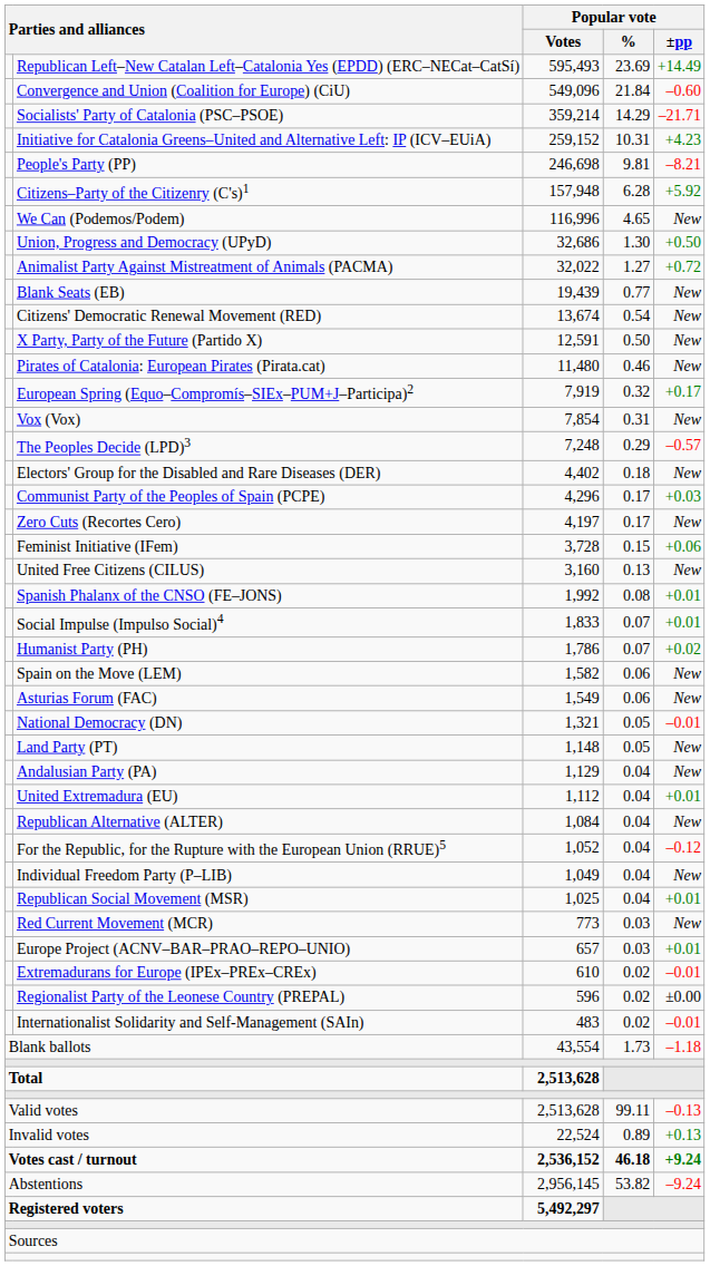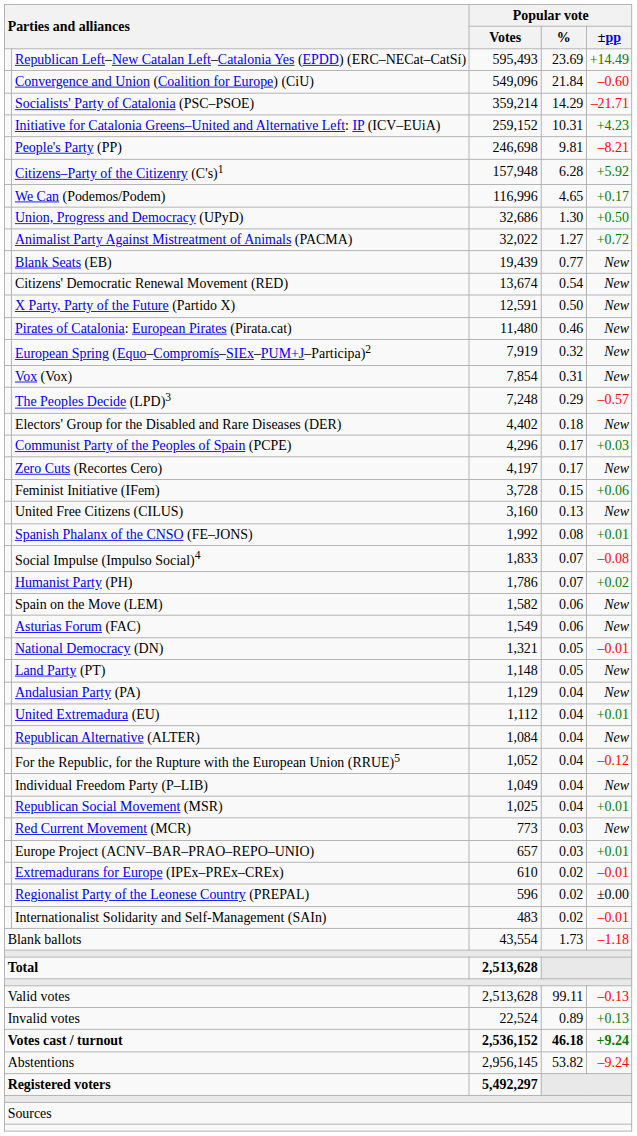 <table class="wikitable" style="text-align:right">
 <tr>
 <th style="text-align:left;" rowspan="2" colspan="2" width="525">Parties and alliances</th>
 <th colspan="3">Popular vote</th>
 </tr>
 <tr>
 <th width="75">Votes</th>
 <th width="45">%</th>
 <th width="45">±<a href='#'>pp</a></th>
 </tr>
 <tr>
 <td width="1" style="color:inherit;background:"></td>
 <td align="left"><a href='#'>Republican Left</a>–<a href='#'>New Catalan Left</a>–<a href='#'>Catalonia Yes</a> (<a href='#'>EPDD</a>) (ERC–NECat–CatSí)</td>
 <td>595,493</td>
 <td>23.69</td>
 <td style="color:green;">+14.49</td>
 </tr>
 <tr>
 <td style="color:inherit;background:"></td>
 <td align="left"><a href='#'>Convergence and Union</a> (<a href='#'>Coalition for Europe</a>) (CiU)</td>
 <td>549,096</td>
 <td>21.84</td>
 <td style="color:red;">–0.60</td>
 </tr>
 <tr>
 <td style="color:inherit;background:"></td>
 <td align="left"><a href='#'>Socialists' Party of Catalonia</a> (PSC–PSOE)</td>
 <td>359,214</td>
 <td>14.29</td>
 <td style="color:red;">–21.71</td>
 </tr>
 <tr>
 <td style="color:inherit;background:"></td>
 <td align="left"><a href='#'>Initiative for Catalonia Greens–United and Alternative Left</a>: <a href='#'>IP</a> (ICV–EUiA)</td>
 <td>259,152</td>
 <td>10.31</td>
 <td style="color:green;">+4.23</td>
 </tr>
 <tr>
 <td style="color:inherit;background:"></td>
 <td align="left"><a href='#'>People's Party</a> (PP)</td>
 <td>246,698</td>
 <td>9.81</td>
 <td style="color:red;">–8.21</td>
 </tr>
 <tr>
 <td style="color:inherit;background:"></td>
 <td align="left"><a href='#'>Citizens–Party of the Citizenry</a> (C's)<sup>1</sup></td>
 <td>157,948</td>
 <td>6.28</td>
 <td style="color:green;">+5.92</td>
 </tr>
 <tr>
 <td style="color:inherit;background:"></td>
 <td align="left"><a href='#'>We Can</a> (Podemos/Podem)</td>
 <td>116,996</td>
 <td>4.65</td>
-<td><em>New</em></td>
+<td style="color:green;">+0.17</td>
 </tr>
 <tr>
 <td style="color:inherit;background:"></td>
 <td align="left"><a href='#'>Union, Progress and Democracy</a> (UPyD)</td>
 <td>32,686</td>
 <td>1.30</td>
 <td style="color:green;">+0.50</td>
 </tr>
 <tr>
 <td style="color:inherit;background:"></td>
 <td align="left"><a href='#'>Animalist Party Against Mistreatment of Animals</a> (PACMA)</td>
 <td>32,022</td>
 <td>1.27</td>
 <td style="color:green;">+0.72</td>
 </tr>
 <tr>
 <td style="color:inherit;background:"></td>
 <td align="left"><a href='#'>Blank Seats</a> (EB)</td>
 <td>19,439</td>
 <td>0.77</td>
 <td><em>New</em></td>
 </tr>
 <tr>
 <td style="color:inherit;background:"></td>
 <td align="left">Citizens' Democratic Renewal Movement (RED)</td>
 <td>13,674</td>
 <td>0.54</td>
 <td><em>New</em></td>
 </tr>
 <tr>
 <td style="color:inherit;background:"></td>
 <td align="left"><a href='#'>X Party, Party of the Future</a> (Partido X)</td>
 <td>12,591</td>
 <td>0.50</td>
 <td><em>New</em></td>
 </tr>
 <tr>
 <td style="color:inherit;background:"></td>
 <td align="left"><a href='#'>Pirates of Catalonia</a>: <a href='#'>European Pirates</a> (Pirata.cat)</td>
 <td>11,480</td>
 <td>0.46</td>
 <td><em>New</em></td>
 </tr>
 <tr>
 <td style="color:inherit;background:"></td>
 <td align="left"><a href='#'>European Spring</a> (<a href='#'>Equo</a>–<a href='#'>Compromís</a>–<a href='#'>SIEx</a>–<a href='#'>PUM+J</a>–Participa)<sup>2</sup></td>
 <td>7,919</td>
 <td>0.32</td>
-<td style="color:green;">+0.17</td>
+<td><em>New</em></td>
 </tr>
 <tr>
 <td style="color:inherit;background:"></td>
 <td align="left"><a href='#'>Vox</a> (Vox)</td>
 <td>7,854</td>
 <td>0.31</td>
 <td><em>New</em></td>
 </tr>
 <tr>
 <td style="color:inherit;background:"></td>
 <td align="left"><a href='#'>The Peoples Decide</a> (LPD)<sup>3</sup></td>
 <td>7,248</td>
 <td>0.29</td>
 <td style="color:red;">–0.57</td>
 </tr>
 <tr>
 <td style="color:inherit;background:"></td>
 <td align="left">Electors' Group for the Disabled and Rare Diseases (DER)</td>
 <td>4,402</td>
 <td>0.18</td>
 <td><em>New</em></td>
 </tr>
 <tr>
 <td style="color:inherit;background:"></td>
 <td align="left"><a href='#'>Communist Party of the Peoples of Spain</a> (PCPE)</td>
 <td>4,296</td>
 <td>0.17</td>
 <td style="color:green;">+0.03</td>
 </tr>
 <tr>
 <td style="color:inherit;background:"></td>
 <td align="left"><a href='#'>Zero Cuts</a> (Recortes Cero)</td>
 <td>4,197</td>
 <td>0.17</td>
 <td><em>New</em></td>
 </tr>
 <tr>
 <td style="color:inherit;background:"></td>
 <td align="left">Feminist Initiative (IFem)</td>
 <td>3,728</td>
 <td>0.15</td>
 <td style="color:green;">+0.06</td>
 </tr>
 <tr>
 <td style="color:inherit;background:"></td>
 <td align="left">United Free Citizens (CILUS)</td>
 <td>3,160</td>
 <td>0.13</td>
 <td><em>New</em></td>
 </tr>
 <tr>
 <td style="color:inherit;background:"></td>
 <td align="left"><a href='#'>Spanish Phalanx of the CNSO</a> (FE–JONS)</td>
 <td>1,992</td>
 <td>0.08</td>
 <td style="color:green;">+0.01</td>
 </tr>
 <tr>
 <td style="color:inherit;background:"></td>
 <td align="left">Social Impulse (Impulso Social)<sup>4</sup></td>
 <td>1,833</td>
 <td>0.07</td>
-<td style="color:green;">+0.01</td>
+<td style="color:red;">–0.08</td>
 </tr>
 <tr>
 <td style="color:inherit;background:"></td>
 <td align="left"><a href='#'>Humanist Party</a> (PH)</td>
 <td>1,786</td>
 <td>0.07</td>
 <td style="color:green;">+0.02</td>
 </tr>
 <tr>
 <td style="color:inherit;background:"></td>
 <td align="left">Spain on the Move (LEM)</td>
 <td>1,582</td>
 <td>0.06</td>
 <td><em>New</em></td>
 </tr>
 <tr>
 <td style="color:inherit;background:"></td>
 <td align="left"><a href='#'>Asturias Forum</a> (FAC)</td>
 <td>1,549</td>
 <td>0.06</td>
 <td><em>New</em></td>
 </tr>
 <tr>
 <td style="color:inherit;background:"></td>
 <td align="left"><a href='#'>National Democracy</a> (DN)</td>
 <td>1,321</td>
 <td>0.05</td>
 <td style="color:red;">–0.01</td>
 </tr>
 <tr>
 <td style="color:inherit;background:"></td>
 <td align="left"><a href='#'>Land Party</a> (PT)</td>
 <td>1,148</td>
 <td>0.05</td>
 <td><em>New</em></td>
 </tr>
 <tr>
 <td style="color:inherit;background:"></td>
 <td align="left"><a href='#'>Andalusian Party</a> (PA)</td>
 <td>1,129</td>
 <td>0.04</td>
 <td><em>New</em></td>
 </tr>
 <tr>
 <td style="color:inherit;background:"></td>
 <td align="left"><a href='#'>United Extremadura</a> (EU)</td>
 <td>1,112</td>
 <td>0.04</td>
 <td style="color:green;">+0.01</td>
 </tr>
 <tr>
 <td style="color:inherit;background:"></td>
 <td align="left"><a href='#'>Republican Alternative</a> (ALTER)</td>
 <td>1,084</td>
 <td>0.04</td>
 <td><em>New</em></td>
 </tr>
 <tr>
 <td style="color:inherit;background:"></td>
 <td align="left">For the Republic, for the Rupture with the European Union (RRUE)<sup>5</sup></td>
 <td>1,052</td>
 <td>0.04</td>
 <td style="color:red;">–0.12</td>
 </tr>
 <tr>
 <td style="color:inherit;background:"></td>
 <td align="left">Individual Freedom Party (P–LIB)</td>
 <td>1,049</td>
 <td>0.04</td>
 <td><em>New</em></td>
 </tr>
 <tr>
 <td style="color:inherit;background:"></td>
 <td align="left"><a href='#'>Republican Social Movement</a> (MSR)</td>
 <td>1,025</td>
 <td>0.04</td>
 <td style="color:green;">+0.01</td>
 </tr>
 <tr>
 <td style="color:inherit;background:"></td>
 <td align="left"><a href='#'>Red Current Movement</a> (MCR)</td>
 <td>773</td>
 <td>0.03</td>
 <td><em>New</em></td>
 </tr>
 <tr>
 <td style="color:inherit;background:"></td>
 <td align="left">Europe Project (ACNV–BAR–PRAO–REPO–UNIO)</td>
 <td>657</td>
 <td>0.03</td>
 <td style="color:green;">+0.01</td>
 </tr>
 <tr>
 <td style="color:inherit;background:"></td>
 <td align="left"><a href='#'>Extremadurans for Europe</a> (IPEx–PREx–CREx)</td>
 <td>610</td>
 <td>0.02</td>
 <td style="color:red;">–0.01</td>
 </tr>
 <tr>
 <td style="color:inherit;background:"></td>
 <td align="left"><a href='#'>Regionalist Party of the Leonese Country</a> (PREPAL)</td>
 <td>596</td>
 <td>0.02</td>
 <td>±0.00</td>
 </tr>
 <tr>
 <td style="color:inherit;background:"></td>
 <td align="left">Internationalist Solidarity and Self-Management (SAIn)</td>
 <td>483</td>
 <td>0.02</td>
 <td style="color:red;">–0.01</td>
 </tr>
 <tr>
 <td align="left" colspan="2">Blank ballots</td>
 <td>43,554</td>
 <td>1.73</td>
 <td style="color:red;">–1.18</td>
 </tr>
 <tr>
 <td colspan="5" bgcolor="#E9E9E9"></td>
 </tr>
 <tr style="font-weight:bold;">
 <td align="left" colspan="2">Total</td>
 <td>2,513,628</td>
 <td bgcolor="#E9E9E9" colspan="2"></td>
 </tr>
 <tr>
 <td colspan="5" bgcolor="#E9E9E9"></td>
 </tr>
 <tr>
 <td align="left" colspan="2">Valid votes</td>
 <td>2,513,628</td>
 <td>99.11</td>
 <td style="color:red;">–0.13</td>
 </tr>
 <tr>
 <td align="left" colspan="2">Invalid votes</td>
 <td>22,524</td>
 <td>0.89</td>
 <td style="color:green;">+0.13</td>
 </tr>
 <tr style="font-weight:bold;">
 <td align="left" colspan="2">Votes cast / turnout</td>
 <td>2,536,152</td>
 <td>46.18</td>
 <td style="color:green;">+9.24</td>
 </tr>
 <tr>
 <td align="left" colspan="2">Abstentions</td>
 <td>2,956,145</td>
 <td>53.82</td>
 <td style="color:red;">–9.24</td>
 </tr>
 <tr style="font-weight:bold;">
 <td align="left" colspan="2">Registered voters</td>
 <td>5,492,297</td>
 <td bgcolor="#E9E9E9" colspan="2"></td>
 </tr>
 <tr>
 <td colspan="5" bgcolor="#E9E9E9"></td>
 </tr>
 <tr>
 <td align="left" colspan="5">Sources</td>
 </tr>
 <tr>
 <td colspan="5" style="text-align:left; max-width:680px;"></td>
 </tr>
 </table>
